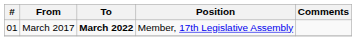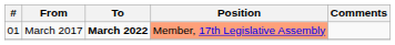 <table class="wikitable sortable">
 <tr>
 <th>#</th>
 <th>From</th>
 <th>To</th>
 <th>Position</th>
 <th>Comments</th>
 </tr>
 <tr>
 <td>01</td>
 <td>March 2017</td>
 <td><strong>March 2022</strong></td>
-<td>Member, <a href='#'>17th Legislative Assembly</a></td>
+<td style="background: lightsalmon;">Member, <a href='#'>17th Legislative Assembly</a></td>
 <td></td>
 </tr>
 <tr>
 </tr>
 </table>
